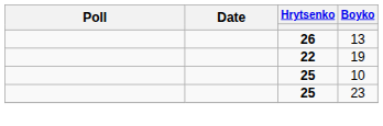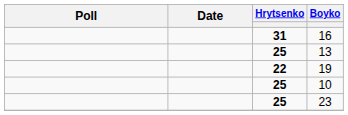 <table class="wikitable" style="text-align:center;font-size:95%;line-height:14px;">
 <tr>
 <th rowspan=2 style="width:200px;">Poll</th>
 <th rowspan=2 style="width:100px;">Date</th>
 <th><small><a href='#'>Hrytsenko</a></small><br></th>
 <th> <small><a href='#'>Boyko</a></small><br></th>
 </tr>
 <tr>
 <th style="background:"></th>
 <th style="background:"></th>
 </tr>
 <tr>
+<td></td>
+<td></td>
+<td style="background-color:#"><strong>31</strong></td>
+<td>16</td>
+</tr>
+<tr>
 <td> </td>
 <td></td>
-<td style="background-color:#"><strong>26</strong></td>
+<td style="background-color:#"><strong>25</strong></td>
 <td>13</td>
 </tr>
 <tr>
 <td></td>
 <td></td>
 <td style="background-color:#"><strong>22</strong></td>
 <td>19</td>
 </tr>
 <tr>
 <td></td>
 <td></td>
 <td style="background-color:#"><strong>25</strong></td>
 <td>10</td>
 </tr>
 <tr>
 <td></td>
 <td></td>
 <td style="background-color:#"><strong>25</strong></td>
 <td>23</td>
 </tr>
 <tr>
 </tr>
 </table>
